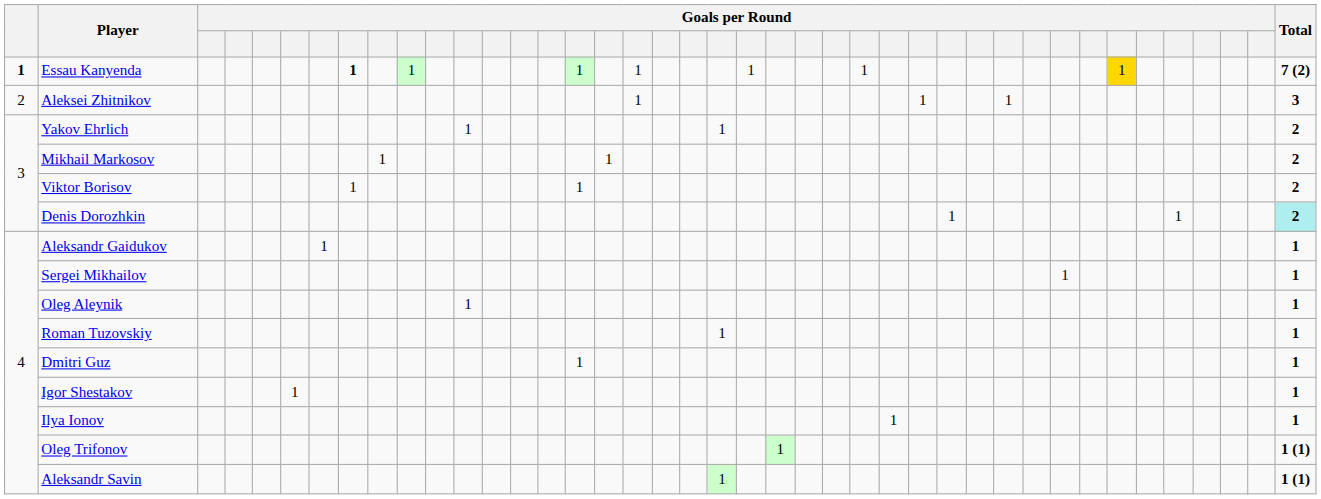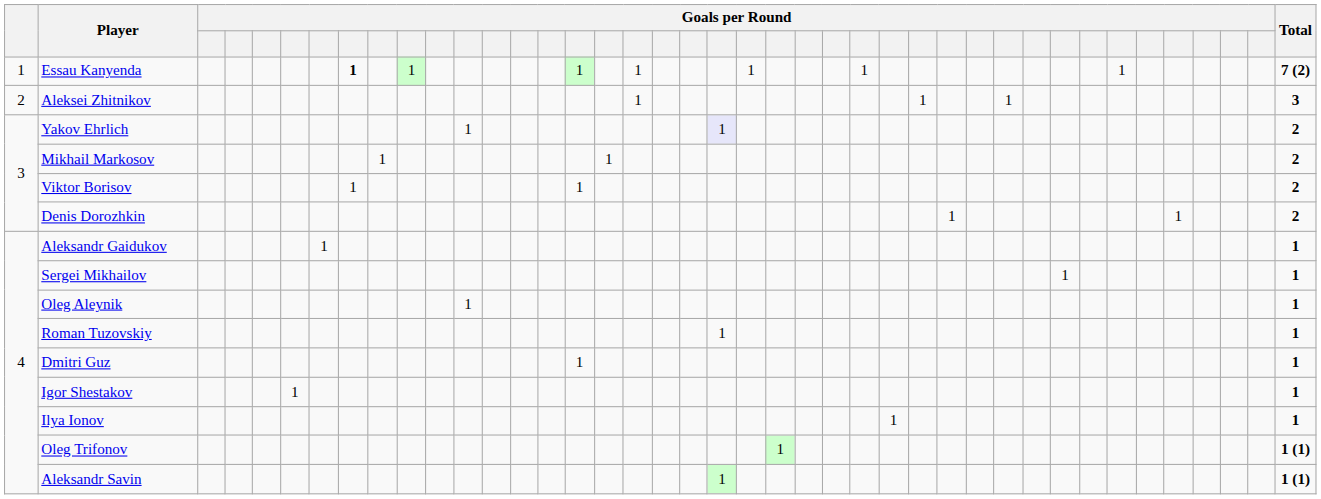 <table class="wikitable" style="text-align:center; line-height: 90%; font-size:90%;">
 <tr>
 <th rowspan=2 width=30></th>
 <th rowspan=2 width=170>Player</th>
 <th colspan=38 height=18>Goals per Round</th>
 <th rowspan=2 colspan=2 height=18 width=40>Total</th>
 </tr>
 <tr>
 <th width=25 height=18></th>
 <th width=25></th>
 <th width=25></th>
 <th width=25></th>
 <th width=25></th>
 <th width=25></th>
 <th width=25></th>
 <th width=25></th>
 <th width=25></th>
 <th width=25></th>
 <th width=25></th>
 <th width=25></th>
 <th width=25></th>
 <th width=25></th>
 <th width=25></th>
 <th width=25></th>
 <th width=25></th>
 <th width=25></th>
 <th width=25></th>
 <th width=25></th>
 <th width=25></th>
 <th width=25></th>
 <th width=25></th>
 <th width=25></th>
 <th width=25></th>
 <th width=25></th>
 <th width=25></th>
 <th width=25></th>
 <th width=25></th>
 <th width=25></th>
 <th width=25></th>
 <th width=25></th>
 <th width=25></th>
 <th width=25></th>
 <th width=25></th>
 <th width=25></th>
 <th width=25></th>
 <th width=25></th>
 </tr>
 <tr>
-<td><strong>1</strong></td>
+<td>1</td>
 <td align=left height=21> <a href='#'>Essau Kanyenda</a></td>
 <td></td>
 <td></td>
 <td></td>
 <td></td>
 <td></td>
 <td><strong>1</strong></td>
 <td></td>
 <td bgcolor=#CCFFCC>1</td>
 <td></td>
 <td></td>
 <td></td>
 <td></td>
 <td></td>
 <td bgcolor=#CCFFCC>1</td>
 <td></td>
 <td>1</td>
 <td></td>
 <td></td>
 <td></td>
 <td>1</td>
 <td></td>
 <td></td>
 <td></td>
 <td>1</td>
 <td></td>
 <td></td>
 <td></td>
 <td></td>
 <td></td>
 <td></td>
 <td></td>
 <td></td>
-<td style="background: gold;">1</td>
+<td>1</td>
 <td></td>
 <td></td>
 <td></td>
 <td></td>
 <td></td>
 <td><strong>7 (2)</strong></td>
 </tr>
 <tr>
 <td>2</td>
 <td align=left height=21> <a href='#'>Aleksei Zhitnikov</a></td>
 <td></td>
 <td></td>
 <td></td>
 <td></td>
 <td></td>
 <td></td>
 <td></td>
 <td></td>
 <td></td>
 <td></td>
 <td></td>
 <td></td>
 <td></td>
 <td></td>
 <td></td>
 <td>1</td>
 <td></td>
 <td></td>
 <td></td>
 <td></td>
 <td></td>
 <td></td>
 <td></td>
 <td></td>
 <td></td>
 <td>1</td>
 <td></td>
 <td></td>
 <td>1</td>
 <td></td>
 <td></td>
 <td></td>
 <td></td>
 <td></td>
 <td></td>
 <td></td>
 <td></td>
 <td></td>
 <td><strong>3</strong></td>
 </tr>
 <tr>
 <td rowspan=4>3</td>
 <td align=left height=21> <a href='#'>Yakov Ehrlich</a></td>
 <td></td>
 <td></td>
 <td></td>
 <td></td>
 <td></td>
 <td></td>
 <td></td>
 <td></td>
 <td></td>
 <td>1</td>
 <td></td>
 <td></td>
 <td></td>
 <td></td>
 <td></td>
 <td></td>
 <td></td>
 <td></td>
-<td>1</td>
+<td style="background: lavender;">1</td>
 <td></td>
 <td></td>
 <td></td>
 <td></td>
 <td></td>
 <td></td>
 <td></td>
 <td></td>
 <td></td>
 <td></td>
 <td></td>
 <td></td>
 <td></td>
 <td></td>
 <td></td>
 <td></td>
 <td></td>
 <td></td>
 <td></td>
 <td><strong>2</strong></td>
 </tr>
 <tr>
 <td align=left height=21> <a href='#'>Mikhail Markosov</a></td>
 <td></td>
 <td></td>
 <td></td>
 <td></td>
 <td></td>
 <td></td>
 <td>1</td>
 <td></td>
 <td></td>
 <td></td>
 <td></td>
 <td></td>
 <td></td>
 <td></td>
 <td>1</td>
 <td></td>
 <td></td>
 <td></td>
 <td></td>
 <td></td>
 <td></td>
 <td></td>
 <td></td>
 <td></td>
 <td></td>
 <td></td>
 <td></td>
 <td></td>
 <td></td>
 <td></td>
 <td></td>
 <td></td>
 <td></td>
 <td></td>
 <td></td>
 <td></td>
 <td></td>
 <td></td>
 <td><strong>2</strong></td>
 </tr>
 <tr>
 <td align=left height=21> <a href='#'>Viktor Borisov</a></td>
 <td></td>
 <td></td>
 <td></td>
 <td></td>
 <td></td>
 <td>1</td>
 <td></td>
 <td></td>
 <td></td>
 <td></td>
 <td></td>
 <td></td>
 <td></td>
 <td>1</td>
 <td></td>
 <td></td>
 <td></td>
 <td></td>
 <td></td>
 <td></td>
 <td></td>
 <td></td>
 <td></td>
 <td></td>
 <td></td>
 <td></td>
 <td></td>
 <td></td>
 <td></td>
 <td></td>
 <td></td>
 <td></td>
 <td></td>
 <td></td>
 <td></td>
 <td></td>
 <td></td>
 <td></td>
 <td><strong>2</strong></td>
 </tr>
 <tr>
 <td align=left height=21> <a href='#'>Denis Dorozhkin</a></td>
 <td></td>
 <td></td>
 <td></td>
 <td></td>
 <td></td>
 <td></td>
 <td></td>
 <td></td>
 <td></td>
 <td></td>
 <td></td>
 <td></td>
 <td></td>
 <td></td>
 <td></td>
 <td></td>
 <td></td>
 <td></td>
 <td></td>
 <td></td>
 <td></td>
 <td></td>
 <td></td>
 <td></td>
 <td></td>
 <td></td>
 <td>1</td>
 <td></td>
 <td></td>
 <td></td>
 <td></td>
 <td></td>
 <td></td>
 <td></td>
 <td>1</td>
 <td></td>
 <td></td>
 <td></td>
-<td style="background: paleturquoise;"><strong>2</strong></td>
+<td><strong>2</strong></td>
 </tr>
 <tr>
 <td rowspan=9>4</td>
 <td align=left height=21> <a href='#'>Aleksandr Gaidukov</a></td>
 <td></td>
 <td></td>
 <td></td>
 <td></td>
 <td>1</td>
 <td></td>
 <td></td>
 <td></td>
 <td></td>
 <td></td>
 <td></td>
 <td></td>
 <td></td>
 <td></td>
 <td></td>
 <td></td>
 <td></td>
 <td></td>
 <td></td>
 <td></td>
 <td></td>
 <td></td>
 <td></td>
 <td></td>
 <td></td>
 <td></td>
 <td></td>
 <td></td>
 <td></td>
 <td></td>
 <td></td>
 <td></td>
 <td></td>
 <td></td>
 <td></td>
 <td></td>
 <td></td>
 <td></td>
 <td><strong>1</strong></td>
 </tr>
 <tr>
 <td align=left height=21> <a href='#'>Sergei Mikhailov</a></td>
 <td></td>
 <td></td>
 <td></td>
 <td></td>
 <td></td>
 <td></td>
 <td></td>
 <td></td>
 <td></td>
 <td></td>
 <td></td>
 <td></td>
 <td></td>
 <td></td>
 <td></td>
 <td></td>
 <td></td>
 <td></td>
 <td></td>
 <td></td>
 <td></td>
 <td></td>
 <td></td>
 <td></td>
 <td></td>
 <td></td>
 <td></td>
 <td></td>
 <td></td>
 <td></td>
 <td>1</td>
 <td></td>
 <td></td>
 <td></td>
 <td></td>
 <td></td>
 <td></td>
 <td></td>
 <td><strong>1</strong></td>
 </tr>
 <tr>
 <td align=left height=21> <a href='#'>Oleg Aleynik</a></td>
 <td></td>
 <td></td>
 <td></td>
 <td></td>
 <td></td>
 <td></td>
 <td></td>
 <td></td>
 <td></td>
 <td>1</td>
 <td></td>
 <td></td>
 <td></td>
 <td></td>
 <td></td>
 <td></td>
 <td></td>
 <td></td>
 <td></td>
 <td></td>
 <td></td>
 <td></td>
 <td></td>
 <td></td>
 <td></td>
 <td></td>
 <td></td>
 <td></td>
 <td></td>
 <td></td>
 <td></td>
 <td></td>
 <td></td>
 <td></td>
 <td></td>
 <td></td>
 <td></td>
 <td></td>
 <td><strong>1</strong></td>
 </tr>
 <tr>
 <td align=left height=21> <a href='#'>Roman Tuzovskiy</a></td>
 <td></td>
 <td></td>
 <td></td>
 <td></td>
 <td></td>
 <td></td>
 <td></td>
 <td></td>
 <td></td>
 <td></td>
 <td></td>
 <td></td>
 <td></td>
 <td></td>
 <td></td>
 <td></td>
 <td></td>
 <td></td>
 <td>1</td>
 <td></td>
 <td></td>
 <td></td>
 <td></td>
 <td></td>
 <td></td>
 <td></td>
 <td></td>
 <td></td>
 <td></td>
 <td></td>
 <td></td>
 <td></td>
 <td></td>
 <td></td>
 <td></td>
 <td></td>
 <td></td>
 <td></td>
 <td><strong>1</strong></td>
 </tr>
 <tr>
 <td align=left height=21> <a href='#'>Dmitri Guz</a></td>
 <td></td>
 <td></td>
 <td></td>
 <td></td>
 <td></td>
 <td></td>
 <td></td>
 <td></td>
 <td></td>
 <td></td>
 <td></td>
 <td></td>
 <td></td>
 <td>1</td>
 <td></td>
 <td></td>
 <td></td>
 <td></td>
 <td></td>
 <td></td>
 <td></td>
 <td></td>
 <td></td>
 <td></td>
 <td></td>
 <td></td>
 <td></td>
 <td></td>
 <td></td>
 <td></td>
 <td></td>
 <td></td>
 <td></td>
 <td></td>
 <td></td>
 <td></td>
 <td></td>
 <td></td>
 <td><strong>1</strong></td>
 </tr>
 <tr>
 <td align=left height=21> <a href='#'>Igor Shestakov</a></td>
 <td></td>
 <td></td>
 <td></td>
 <td>1</td>
 <td></td>
 <td></td>
 <td></td>
 <td></td>
 <td></td>
 <td></td>
 <td></td>
 <td></td>
 <td></td>
 <td></td>
 <td></td>
 <td></td>
 <td></td>
 <td></td>
 <td></td>
 <td></td>
 <td></td>
 <td></td>
 <td></td>
 <td></td>
 <td></td>
 <td></td>
 <td></td>
 <td></td>
 <td></td>
 <td></td>
 <td></td>
 <td></td>
 <td></td>
 <td></td>
 <td></td>
 <td></td>
 <td></td>
 <td></td>
 <td><strong>1</strong></td>
 </tr>
 <tr>
 <td align=left height=21> <a href='#'>Ilya Ionov</a></td>
 <td></td>
 <td></td>
 <td></td>
 <td></td>
 <td></td>
 <td></td>
 <td></td>
 <td></td>
 <td></td>
 <td></td>
 <td></td>
 <td></td>
 <td></td>
 <td></td>
 <td></td>
 <td></td>
 <td></td>
 <td></td>
 <td></td>
 <td></td>
 <td></td>
 <td></td>
 <td></td>
 <td></td>
 <td>1</td>
 <td></td>
 <td></td>
 <td></td>
 <td></td>
 <td></td>
 <td></td>
 <td></td>
 <td></td>
 <td></td>
 <td></td>
 <td></td>
 <td></td>
 <td></td>
 <td><strong>1</strong></td>
 </tr>
 <tr>
 <td align=left height=21> <a href='#'>Oleg Trifonov</a></td>
 <td></td>
 <td></td>
 <td></td>
 <td></td>
 <td></td>
 <td></td>
 <td></td>
 <td></td>
 <td></td>
 <td></td>
 <td></td>
 <td></td>
 <td></td>
 <td></td>
 <td></td>
 <td></td>
 <td></td>
 <td></td>
 <td></td>
 <td></td>
 <td bgcolor=#CCFFCC>1</td>
 <td></td>
 <td></td>
 <td></td>
 <td></td>
 <td></td>
 <td></td>
 <td></td>
 <td></td>
 <td></td>
 <td></td>
 <td></td>
 <td></td>
 <td></td>
 <td></td>
 <td></td>
 <td></td>
 <td></td>
 <td><strong>1 (1)</strong></td>
 </tr>
 <tr>
 <td align=left height=21> <a href='#'>Aleksandr Savin</a></td>
 <td></td>
 <td></td>
 <td></td>
 <td></td>
 <td></td>
 <td></td>
 <td></td>
 <td></td>
 <td></td>
 <td></td>
 <td></td>
 <td></td>
 <td></td>
 <td></td>
 <td></td>
 <td></td>
 <td></td>
 <td></td>
 <td bgcolor=#CCFFCC>1</td>
 <td></td>
 <td></td>
 <td></td>
 <td></td>
 <td></td>
 <td></td>
 <td></td>
 <td></td>
 <td></td>
 <td></td>
 <td></td>
 <td></td>
 <td></td>
 <td></td>
 <td></td>
 <td></td>
 <td></td>
 <td></td>
 <td></td>
 <td><strong>1 (1)</strong></td>
 </tr>
 </table>
